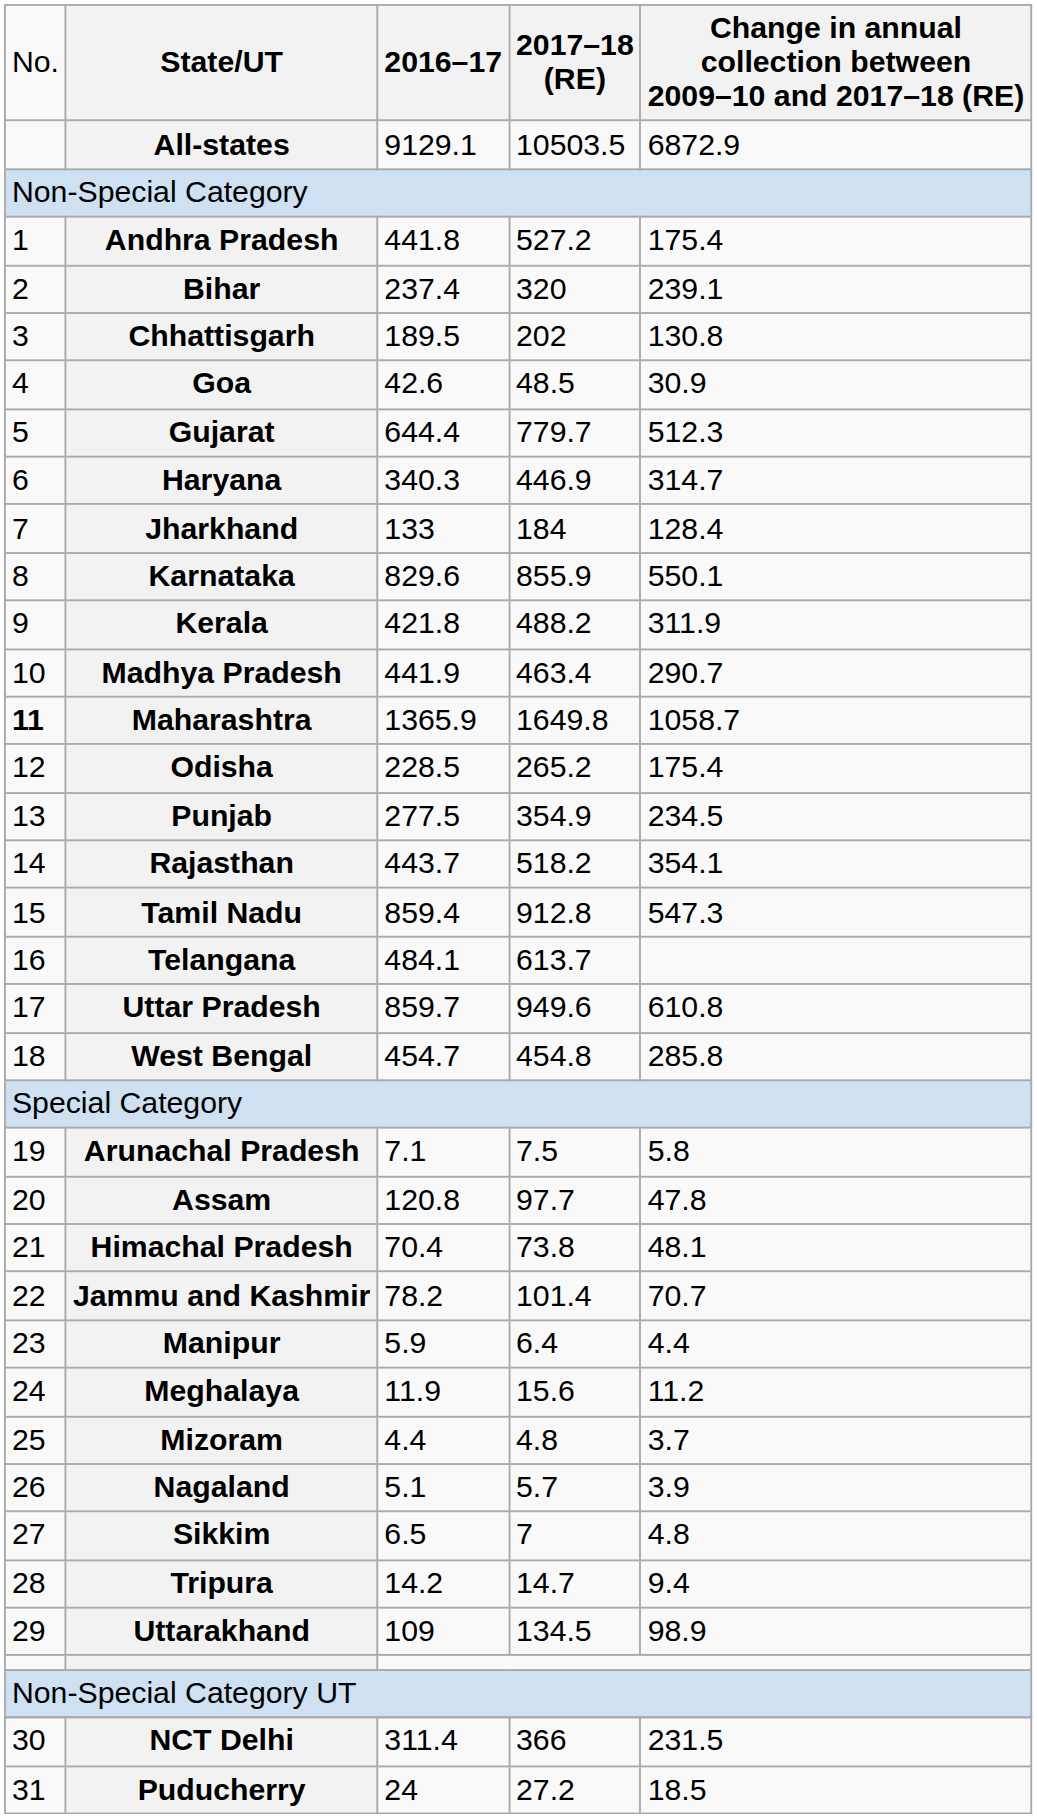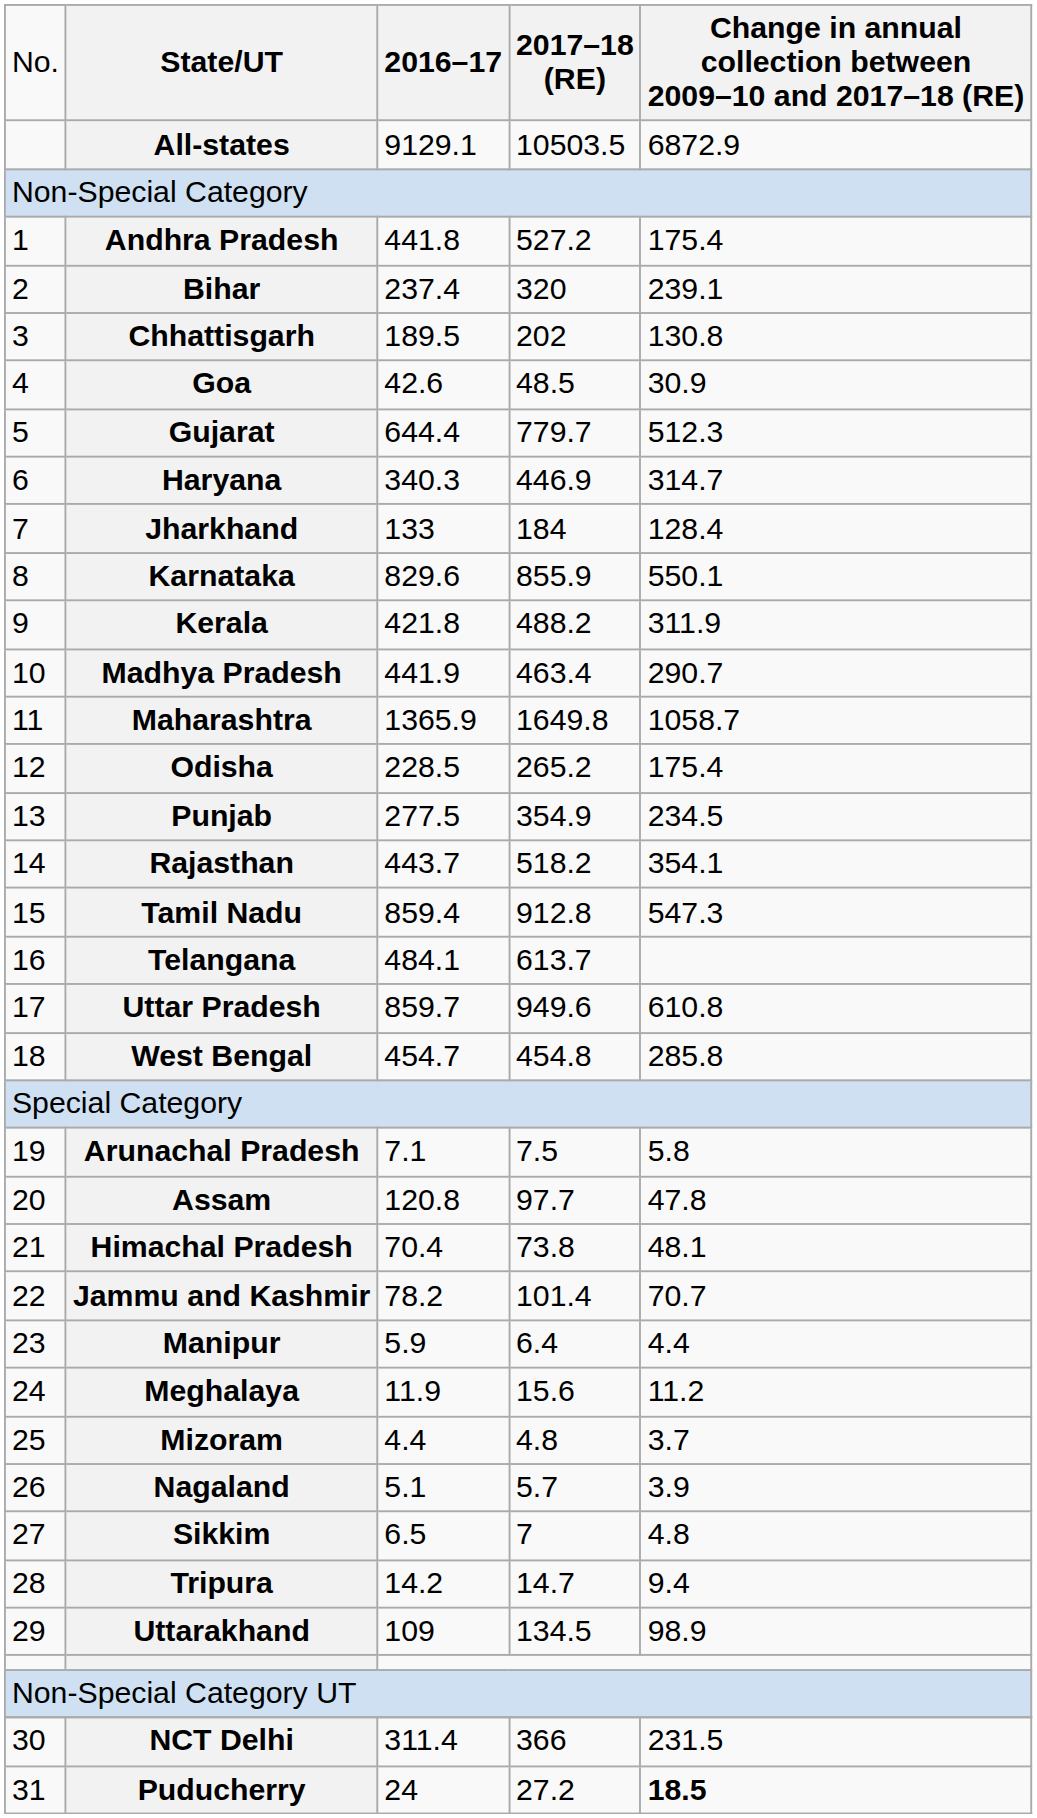 <table class="wikitable sortable">
 <tr>
 <td>No.</td>
 <th>State/UT</th>
 <th>2016–17</th>
 <th>2017–18<br>(RE)</th>
 <th>Change in annual<br>collection between<br>2009–10 and 2017–18 (RE)</th>
 </tr>
 <tr>
 <td></td>
 <th>All-states</th>
 <td>9129.1</td>
 <td>10503.5</td>
 <td> 6872.9</td>
 </tr>
 <tr bgcolor="#CEE0F2">
 <td colspan="5">Non-Special Category</td>
 </tr>
 <tr>
 <td>1</td>
 <th>Andhra Pradesh</th>
 <td>441.8</td>
 <td>527.2</td>
 <td> 175.4</td>
 </tr>
 <tr>
 <td>2</td>
 <th>Bihar</th>
 <td>237.4</td>
 <td>320</td>
 <td> 239.1</td>
 </tr>
 <tr>
 <td>3</td>
 <th>Chhattisgarh</th>
 <td>189.5</td>
 <td>202</td>
 <td> 130.8</td>
 </tr>
 <tr>
 <td>4</td>
 <th>Goa</th>
 <td>42.6</td>
 <td>48.5</td>
 <td> 30.9</td>
 </tr>
 <tr>
 <td>5</td>
 <th>Gujarat</th>
 <td>644.4</td>
 <td>779.7</td>
 <td> 512.3</td>
 </tr>
 <tr>
 <td>6</td>
 <th>Haryana</th>
 <td>340.3</td>
 <td>446.9</td>
 <td> 314.7</td>
 </tr>
 <tr>
 <td>7</td>
 <th>Jharkhand</th>
 <td>133</td>
 <td>184</td>
 <td> 128.4</td>
 </tr>
 <tr>
 <td>8</td>
 <th>Karnataka</th>
 <td>829.6</td>
 <td>855.9</td>
 <td> 550.1</td>
 </tr>
 <tr>
 <td>9</td>
 <th>Kerala</th>
 <td>421.8</td>
 <td>488.2</td>
 <td> 311.9</td>
 </tr>
 <tr>
 <td>10</td>
 <th>Madhya Pradesh</th>
 <td>441.9</td>
 <td>463.4</td>
 <td> 290.7</td>
 </tr>
 <tr>
-<td><strong>11</strong></td>
+<td>11</td>
 <th>Maharashtra</th>
 <td>1365.9</td>
 <td>1649.8</td>
 <td> 1058.7</td>
 </tr>
 <tr>
 <td>12</td>
 <th>Odisha</th>
 <td>228.5</td>
 <td>265.2</td>
 <td> 175.4</td>
 </tr>
 <tr>
 <td>13</td>
 <th>Punjab</th>
 <td>277.5</td>
 <td>354.9</td>
 <td> 234.5</td>
 </tr>
 <tr>
 <td>14</td>
 <th>Rajasthan</th>
 <td>443.7</td>
 <td>518.2</td>
 <td> 354.1</td>
 </tr>
 <tr>
 <td>15</td>
 <th>Tamil Nadu</th>
 <td>859.4</td>
 <td>912.8</td>
 <td> 547.3</td>
 </tr>
 <tr>
 <td>16</td>
 <th>Telangana</th>
 <td>484.1</td>
 <td>613.7</td>
 <td></td>
 </tr>
 <tr>
 <td>17</td>
 <th>Uttar Pradesh</th>
 <td>859.7</td>
 <td>949.6</td>
 <td> 610.8</td>
 </tr>
 <tr>
 <td>18</td>
 <th>West Bengal</th>
 <td>454.7</td>
 <td>454.8</td>
 <td> 285.8</td>
 </tr>
 <tr bgcolor="#CEE0F2">
 <td colspan="5">Special Category</td>
 </tr>
 <tr>
 <td>19</td>
 <th>Arunachal Pradesh</th>
 <td>7.1</td>
 <td>7.5</td>
 <td> 5.8</td>
 </tr>
 <tr>
 <td>20</td>
 <th>Assam</th>
 <td>120.8</td>
 <td>97.7</td>
 <td> 47.8</td>
 </tr>
 <tr>
 <td>21</td>
 <th>Himachal Pradesh</th>
 <td>70.4</td>
 <td>73.8</td>
 <td> 48.1</td>
 </tr>
 <tr>
 <td>22</td>
 <th>Jammu and Kashmir</th>
 <td>78.2</td>
 <td>101.4</td>
 <td> 70.7</td>
 </tr>
 <tr>
 <td>23</td>
 <th>Manipur</th>
 <td>5.9</td>
 <td>6.4</td>
 <td> 4.4</td>
 </tr>
 <tr>
 <td>24</td>
 <th>Meghalaya</th>
 <td>11.9</td>
 <td>15.6</td>
 <td> 11.2</td>
 </tr>
 <tr>
 <td>25</td>
 <th>Mizoram</th>
 <td>4.4</td>
 <td>4.8</td>
 <td> 3.7</td>
 </tr>
 <tr>
 <td>26</td>
 <th>Nagaland</th>
 <td>5.1</td>
 <td>5.7</td>
 <td> 3.9</td>
 </tr>
 <tr>
 <td>27</td>
 <th>Sikkim</th>
 <td>6.5</td>
 <td>7</td>
 <td> 4.8</td>
 </tr>
 <tr>
 <td>28</td>
 <th>Tripura</th>
 <td>14.2</td>
 <td>14.7</td>
 <td> 9.4</td>
 </tr>
 <tr>
 <td>29</td>
 <th>Uttarakhand</th>
 <td>109</td>
 <td>134.5</td>
 <td> 98.9</td>
 </tr>
 <tr>
 <td></td>
 <th></th>
 </tr>
 <tr bgcolor="#CEE0F2">
 <td colspan="5">Non-Special Category UT</td>
 </tr>
 <tr>
 </tr>
 <tr>
 <td>30</td>
 <th>NCT Delhi</th>
 <td>311.4</td>
 <td>366</td>
 <td> 231.5</td>
 </tr>
 <tr>
 <td>31</td>
 <th>Puducherry</th>
 <td>24</td>
 <td>27.2</td>
-<td> 18.5</td>
+<td><strong> 18.5</strong></td>
 </tr>
 <tr>
 </tr>
 </table>
